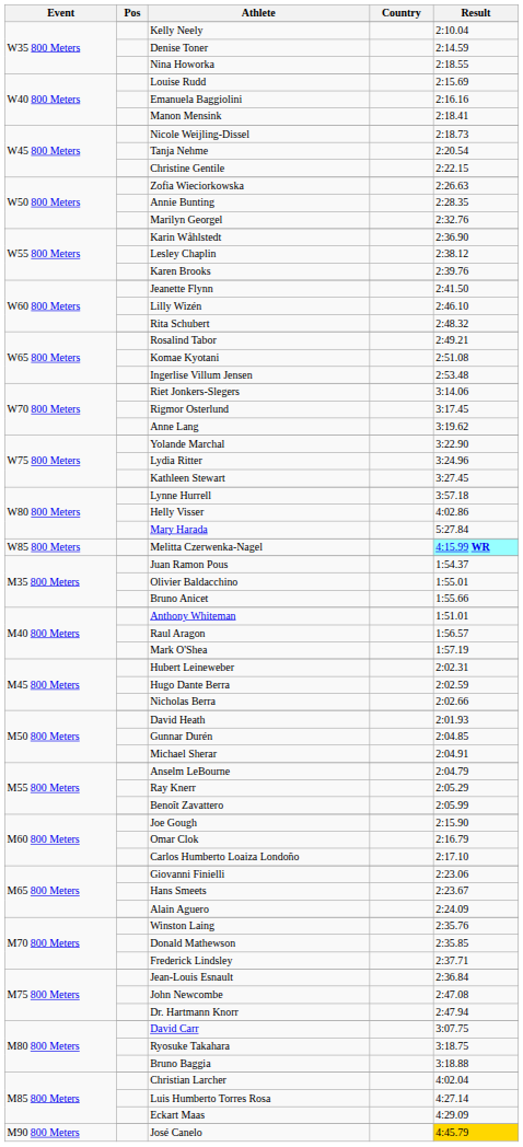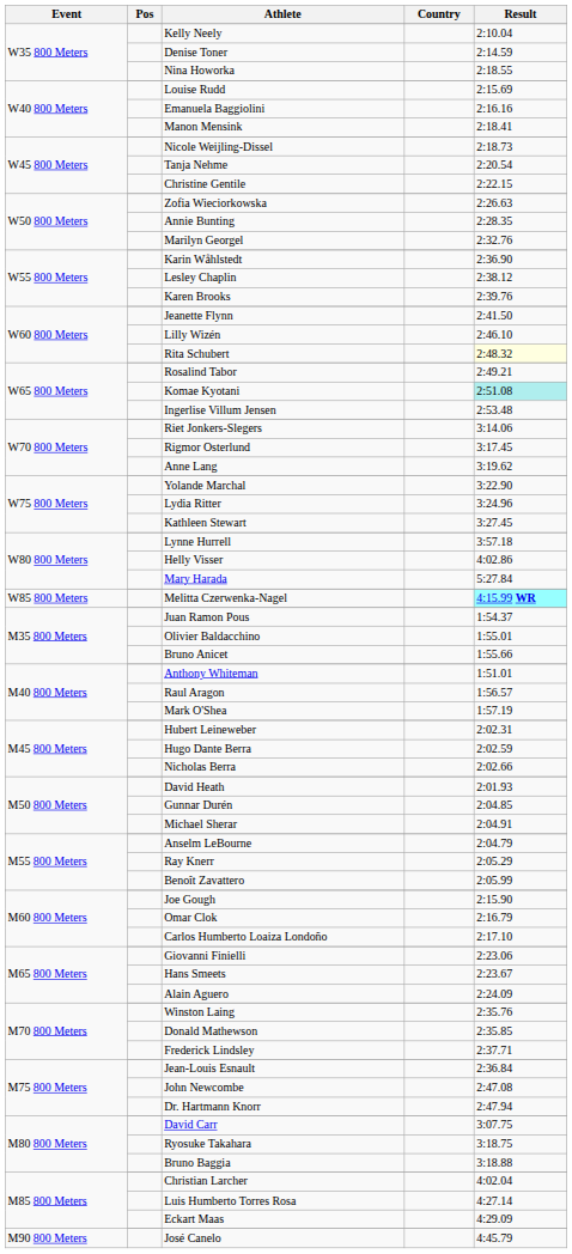 <table class="wikitable" style="width:60%;">
 <tr>
 <th>Event</th>
 <th>Pos</th>
 <th>Athlete</th>
 <th>Country</th>
 <th>Result</th>
 </tr>
 <tr>
 <td rowspan='4'>W35 <a href='#'>800 Meters</a><br></td>
 </tr>
 <tr>
 <td align=center></td>
 <td align=left>Kelly Neely</td>
 <td align=left></td>
 <td>2:10.04</td>
 </tr>
 <tr>
 <td align=center></td>
 <td align=left>Denise Toner</td>
 <td align=left></td>
 <td>2:14.59</td>
 </tr>
 <tr>
 <td align=center></td>
 <td align=left>Nina Howorka</td>
 <td align=left></td>
 <td>2:18.55</td>
 </tr>
 <tr>
 <td rowspan='4'>W40 <a href='#'>800 Meters</a></td>
 </tr>
 <tr>
 <td align=center></td>
 <td align=left>Louise Rudd</td>
 <td align=left></td>
 <td>2:15.69</td>
 </tr>
 <tr>
 <td align=center></td>
 <td align=left>Emanuela Baggiolini</td>
 <td align=left></td>
 <td>2:16.16</td>
 </tr>
 <tr>
 <td align=center></td>
 <td align=left>Manon Mensink</td>
 <td align=left></td>
 <td>2:18.41</td>
 </tr>
 <tr>
 <td rowspan='4'>W45 <a href='#'>800 Meters</a><br></td>
 </tr>
 <tr>
 <td align=center></td>
 <td align=left>Nicole Weijling-Dissel</td>
 <td align=left></td>
 <td>2:18.73</td>
 </tr>
 <tr>
 <td align=center></td>
 <td align=left>Tanja Nehme</td>
 <td align=left></td>
 <td>2:20.54</td>
 </tr>
 <tr>
 <td align=center></td>
 <td align=left>Christine Gentile</td>
 <td align=left></td>
 <td>2:22.15</td>
 </tr>
 <tr>
 <td rowspan='4'>W50 <a href='#'>800 Meters</a><br></td>
 </tr>
 <tr>
 <td align=center></td>
 <td align=left>Zofia Wieciorkowska</td>
 <td align=left></td>
 <td>2:26.63</td>
 </tr>
 <tr>
 <td align=center></td>
 <td align=left>Annie Bunting</td>
 <td align=left></td>
 <td>2:28.35</td>
 </tr>
 <tr>
 <td align=center></td>
 <td align=left>Marilyn Georgel</td>
 <td align=left></td>
 <td>2:32.76</td>
 </tr>
 <tr>
 <td rowspan='4'>W55 <a href='#'>800 Meters</a><br></td>
 </tr>
 <tr>
 <td align=center></td>
 <td align=left>Karin Wåhlstedt</td>
 <td align=left></td>
 <td>2:36.90</td>
 </tr>
 <tr>
 <td align=center></td>
 <td align=left>Lesley Chaplin</td>
 <td align=left></td>
 <td>2:38.12</td>
 </tr>
 <tr>
 <td align=center></td>
 <td align=left>Karen Brooks</td>
 <td align=left></td>
 <td>2:39.76</td>
 </tr>
 <tr>
 <td rowspan='4'>W60 <a href='#'>800 Meters</a><br></td>
 </tr>
 <tr>
 <td align=center></td>
 <td align=left>Jeanette Flynn</td>
 <td align=left></td>
 <td>2:41.50</td>
 </tr>
 <tr>
 <td align=center></td>
 <td align=left>Lilly Wizén</td>
 <td align=left></td>
 <td>2:46.10</td>
 </tr>
 <tr>
 <td align=center></td>
 <td align=left>Rita Schubert</td>
 <td align=left></td>
-<td>2:48.32</td>
+<td style="background: lightyellow;">2:48.32</td>
 </tr>
 <tr>
 <td rowspan='4'>W65 <a href='#'>800 Meters</a><br></td>
 </tr>
 <tr>
 <td align=center></td>
 <td align=left>Rosalind Tabor</td>
 <td align=left></td>
 <td>2:49.21</td>
 </tr>
 <tr>
 <td align=center></td>
 <td align=left>Komae Kyotani</td>
 <td align=left></td>
-<td>2:51.08</td>
+<td style="background: paleturquoise;">2:51.08</td>
 </tr>
 <tr>
 <td align=center></td>
 <td align=left>Ingerlise Villum Jensen</td>
 <td align=left></td>
 <td>2:53.48</td>
 </tr>
 <tr>
 <td rowspan='4'>W70 <a href='#'>800 Meters</a><br></td>
 </tr>
 <tr>
 <td align=center></td>
 <td align=left>Riet Jonkers-Slegers</td>
 <td align=left></td>
 <td>3:14.06</td>
 </tr>
 <tr>
 <td align=center></td>
 <td align=left>Rigmor Osterlund</td>
 <td align=left></td>
 <td>3:17.45</td>
 </tr>
 <tr>
 <td align=center></td>
 <td align=left>Anne Lang</td>
 <td align=left></td>
 <td>3:19.62</td>
 </tr>
 <tr>
 <td rowspan='4'>W75 <a href='#'>800 Meters</a></td>
 </tr>
 <tr>
 <td align=center></td>
 <td align=left>Yolande Marchal</td>
 <td align=left></td>
 <td>3:22.90</td>
 </tr>
 <tr>
 <td align=center></td>
 <td align=left>Lydia Ritter</td>
 <td align=left></td>
 <td>3:24.96</td>
 </tr>
 <tr>
 <td align=center></td>
 <td align=left>Kathleen Stewart</td>
 <td align=left></td>
 <td>3:27.45</td>
 </tr>
 <tr>
 <td rowspan='4'>W80 <a href='#'>800 Meters</a></td>
 </tr>
 <tr>
 <td align=center></td>
 <td align=left>Lynne Hurrell</td>
 <td align=left></td>
 <td>3:57.18</td>
 </tr>
 <tr>
 <td align=center></td>
 <td align=left>Helly Visser</td>
 <td align=left></td>
 <td>4:02.86</td>
 </tr>
 <tr>
 <td align=center></td>
 <td align=left><a href='#'>Mary Harada</a></td>
 <td align=left></td>
 <td>5:27.84</td>
 </tr>
 <tr>
 <td rowspan='2'>W85 <a href='#'>800 Meters</a></td>
 </tr>
 <tr>
 <td align=center></td>
 <td align=left>Melitta Czerwenka-Nagel</td>
 <td align=left></td>
 <td bgcolor=#97ffff><a href='#'>4:15.99</a> <strong><a href='#'>WR</a></strong></td>
 </tr>
 <tr>
 <td rowspan='4'>M35 <a href='#'>800 Meters</a><br></td>
 </tr>
 <tr>
 <td align=center></td>
 <td align=left>Juan Ramon Pous</td>
 <td align=left></td>
 <td>1:54.37</td>
 </tr>
 <tr>
 <td align=center></td>
 <td align=left>Olivier Baldacchino</td>
 <td align=left></td>
 <td>1:55.01</td>
 </tr>
 <tr>
 <td align=center></td>
 <td align=left>Bruno Anicet</td>
 <td align=left></td>
 <td>1:55.66</td>
 </tr>
 <tr>
 <td rowspan='4'>M40 <a href='#'>800 Meters</a></td>
 </tr>
 <tr>
 <td align=center></td>
 <td align=left><a href='#'>Anthony Whiteman</a></td>
 <td align=left></td>
 <td>1:51.01</td>
 </tr>
 <tr>
 <td align=center></td>
 <td align=left>Raul Aragon</td>
 <td align=left></td>
 <td>1:56.57</td>
 </tr>
 <tr>
 <td align=center></td>
 <td align=left>Mark O'Shea</td>
 <td align=left></td>
 <td>1:57.19</td>
 </tr>
 <tr>
 <td rowspan='4'>M45 <a href='#'>800 Meters</a><br></td>
 </tr>
 <tr>
 <td align=center></td>
 <td align=left>Hubert Leineweber</td>
 <td align=left></td>
 <td>2:02.31</td>
 </tr>
 <tr>
 <td align=center></td>
 <td align=left>Hugo Dante Berra</td>
 <td align=left></td>
 <td>2:02.59</td>
 </tr>
 <tr>
 <td align=center></td>
 <td align=left>Nicholas Berra</td>
 <td align=left></td>
 <td>2:02.66</td>
 </tr>
 <tr>
 <td rowspan='4'>M50 <a href='#'>800 Meters</a><br></td>
 </tr>
 <tr>
 <td align=center></td>
 <td align=left>David Heath</td>
 <td align=left></td>
 <td>2:01.93</td>
 </tr>
 <tr>
 <td align=center></td>
 <td align=left>Gunnar Durén</td>
 <td align=left></td>
 <td>2:04.85</td>
 </tr>
 <tr>
 <td align=center></td>
 <td align=left>Michael Sherar</td>
 <td align=left></td>
 <td>2:04.91</td>
 </tr>
 <tr>
 <td rowspan='4'>M55 <a href='#'>800 Meters</a><br></td>
 </tr>
 <tr>
 <td align=center></td>
 <td align=left>Anselm LeBourne</td>
 <td align=left></td>
 <td>2:04.79</td>
 </tr>
 <tr>
 <td align=center></td>
 <td align=left>Ray Knerr</td>
 <td align=left></td>
 <td>2:05.29</td>
 </tr>
 <tr>
 <td align=center></td>
 <td align=left>Benoît Zavattero</td>
 <td align=left></td>
 <td>2:05.99</td>
 </tr>
 <tr>
 <td rowspan='4'>M60 <a href='#'>800 Meters</a><br></td>
 </tr>
 <tr>
 <td align=center></td>
 <td align=left>Joe Gough</td>
 <td align=left></td>
 <td>2:15.90</td>
 </tr>
 <tr>
 <td align=center></td>
 <td align=left>Omar Clok</td>
 <td align=left></td>
 <td>2:16.79</td>
 </tr>
 <tr>
 <td align=center></td>
 <td align=left>Carlos Humberto Loaiza Londoño</td>
 <td align=left></td>
 <td>2:17.10</td>
 </tr>
 <tr>
 <td rowspan='4'>M65 <a href='#'>800 Meters</a><br></td>
 </tr>
 <tr>
 <td align=center></td>
 <td align=left>Giovanni Finielli</td>
 <td align=left></td>
 <td>2:23.06</td>
 </tr>
 <tr>
 <td align=center></td>
 <td align=left>Hans Smeets</td>
 <td align=left></td>
 <td>2:23.67</td>
 </tr>
 <tr>
 <td align=center></td>
 <td align=left>Alain Aguero</td>
 <td align=left></td>
 <td>2:24.09</td>
 </tr>
 <tr>
 <td rowspan='4'>M70 <a href='#'>800 Meters</a><br></td>
 </tr>
 <tr>
 <td align=center></td>
 <td align=left>Winston Laing</td>
 <td align=left></td>
 <td>2:35.76</td>
 </tr>
 <tr>
 <td align=center></td>
 <td align=left>Donald Mathewson</td>
 <td align=left></td>
 <td>2:35.85</td>
 </tr>
 <tr>
 <td align=center></td>
 <td align=left>Frederick Lindsley</td>
 <td align=left></td>
 <td>2:37.71</td>
 </tr>
 <tr>
 <td rowspan='4'>M75 <a href='#'>800 Meters</a><br></td>
 </tr>
 <tr>
 <td align=center></td>
 <td align=left>Jean-Louis Esnault</td>
 <td align=left></td>
 <td>2:36.84</td>
 </tr>
 <tr>
 <td align=center></td>
 <td align=left>John Newcombe</td>
 <td align=left></td>
 <td>2:47.08</td>
 </tr>
 <tr>
 <td align=center></td>
 <td align=left>Dr. Hartmann Knorr</td>
 <td align=left></td>
 <td>2:47.94</td>
 </tr>
 <tr>
 <td rowspan='4'>M80 <a href='#'>800 Meters</a></td>
 </tr>
 <tr>
 <td align=center></td>
 <td align=left><a href='#'>David Carr</a></td>
 <td align=left></td>
 <td>3:07.75</td>
 </tr>
 <tr>
 <td align=center></td>
 <td align=left>Ryosuke Takahara</td>
 <td align=left></td>
 <td>3:18.75</td>
 </tr>
 <tr>
 <td align=center></td>
 <td align=left>Bruno Baggia</td>
 <td align=left></td>
 <td>3:18.88</td>
 </tr>
 <tr>
 <td rowspan='4'>M85 <a href='#'>800 Meters</a></td>
 </tr>
 <tr>
 <td align=center></td>
 <td align=left>Christian Larcher</td>
 <td align=left></td>
 <td>4:02.04</td>
 </tr>
 <tr>
 <td align=center></td>
 <td align=left>Luis Humberto Torres Rosa</td>
 <td align=left></td>
 <td>4:27.14</td>
 </tr>
 <tr>
 <td align=center></td>
 <td align=left>Eckart Maas</td>
 <td align=left></td>
 <td>4:29.09</td>
 </tr>
 <tr>
 <td rowspan='2'>M90 <a href='#'>800 Meters</a></td>
 </tr>
 <tr>
 <td align=center></td>
 <td align=left>José Canelo</td>
 <td align=left></td>
-<td style="background: gold;">4:45.79</td>
+<td>4:45.79</td>
 </tr>
 </table>
